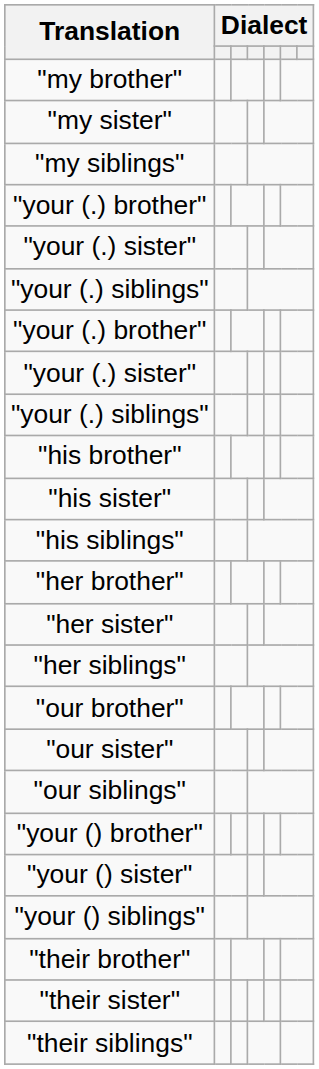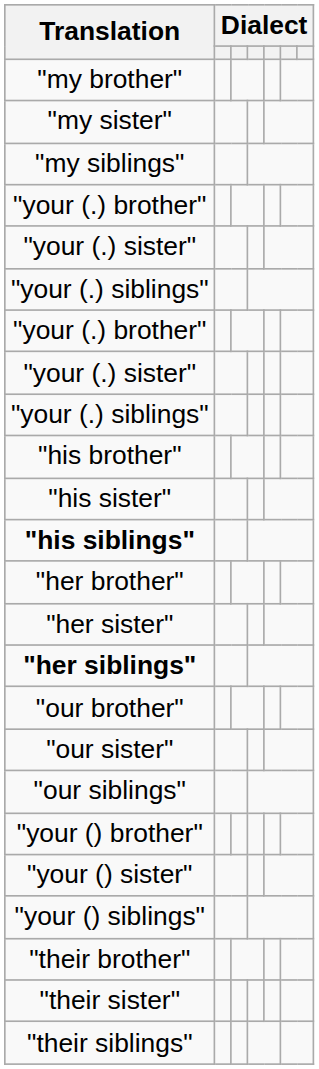 <table class="wikitable mw-collapsible" style=text-align:center>
 <tr>
 <th rowspan=2>Translation</th>
 <th colspan=6>Dialect</th>
 </tr>
 <tr>
 <th></th>
 <th></th>
 <th></th>
 <th></th>
 <th></th>
 <th></th>
 </tr>
 <tr>
 <td>"my brother"</td>
 <td></td>
 <td colspan=2></td>
 <td></td>
 <td colspan=2></td>
 </tr>
 <tr>
 <td>"my sister"</td>
 <td colspan=2></td>
 <td></td>
 <td colspan=3></td>
 </tr>
 <tr>
 <td>"my siblings"</td>
 <td colspan=2></td>
 <td colspan=4></td>
 </tr>
 <tr>
 <td>"your (.) brother"</td>
 <td></td>
 <td colspan=2></td>
 <td></td>
 <td colspan=2></td>
 </tr>
 <tr>
 <td>"your (.) sister"</td>
 <td colspan=2></td>
 <td></td>
 <td colspan=3></td>
 </tr>
 <tr>
 <td>"your (.) siblings"</td>
 <td colspan=2></td>
 <td colspan=4></td>
 </tr>
 <tr>
 <td>"your (.) brother"</td>
 <td></td>
 <td colspan=2></td>
 <td></td>
 <td colspan=2></td>
 </tr>
 <tr>
 <td>"your (.) sister"</td>
 <td colspan=2></td>
 <td></td>
 <td></td>
 <td colspan=2></td>
 </tr>
 <tr>
 <td>"your (.) siblings"</td>
 <td colspan=2></td>
 <td></td>
 <td></td>
 <td colspan=2></td>
 </tr>
 <tr>
 <td>"his brother"</td>
 <td></td>
 <td colspan=2></td>
 <td></td>
 <td colspan=2></td>
 </tr>
 <tr>
 <td>"his sister"</td>
 <td colspan=2></td>
 <td></td>
 <td colspan=3></td>
 </tr>
 <tr>
-<td>"his siblings"</td>
+<td><strong>"his siblings"</strong></td>
 <td colspan=2></td>
 <td colspan=4></td>
 </tr>
 <tr>
 <td>"her brother"</td>
 <td></td>
 <td colspan=2></td>
 <td></td>
 <td colspan=2></td>
 </tr>
 <tr>
 <td>"her sister"</td>
 <td colspan=2></td>
 <td></td>
 <td colspan=3></td>
 </tr>
 <tr>
-<td>"her siblings"</td>
+<td><strong>"her siblings"</strong></td>
 <td colspan=2></td>
 <td colspan=4></td>
 </tr>
 <tr>
 <td>"our brother"</td>
 <td></td>
 <td colspan=2></td>
 <td></td>
 <td colspan=2></td>
 </tr>
 <tr>
 <td>"our sister"</td>
 <td colspan=2></td>
 <td></td>
 <td colspan=3></td>
 </tr>
 <tr>
 <td>"our siblings"</td>
 <td colspan=2></td>
 <td colspan=4></td>
 </tr>
 <tr>
 <td>"your () brother"</td>
 <td></td>
 <td></td>
 <td></td>
 <td></td>
 <td colspan=2></td>
 </tr>
 <tr>
 <td>"your () sister"</td>
 <td colspan=2></td>
 <td></td>
 <td colspan=3></td>
 </tr>
 <tr>
 <td>"your () siblings"</td>
 <td colspan=2></td>
 <td colspan=4></td>
 </tr>
 <tr>
 <td>"their brother"</td>
 <td></td>
 <td colspan=2></td>
 <td></td>
 <td colspan=2></td>
 </tr>
 <tr>
 <td>"their sister"</td>
 <td></td>
 <td></td>
 <td></td>
 <td></td>
 <td colspan=2></td>
 </tr>
 <tr>
 <td>"their siblings"</td>
 <td></td>
 <td></td>
 <td colspan=2></td>
 <td colspan=2></td>
 </tr>
 </table>
